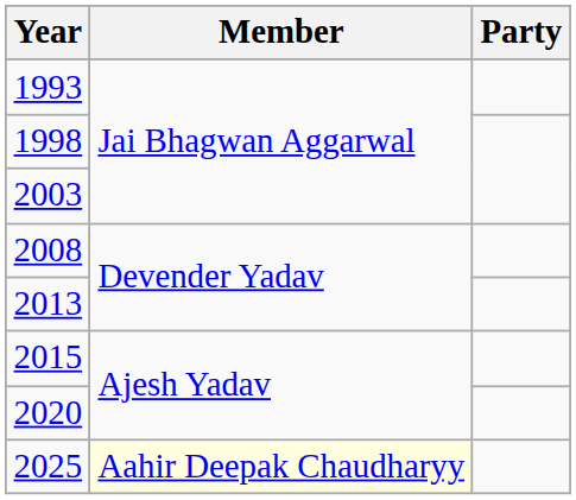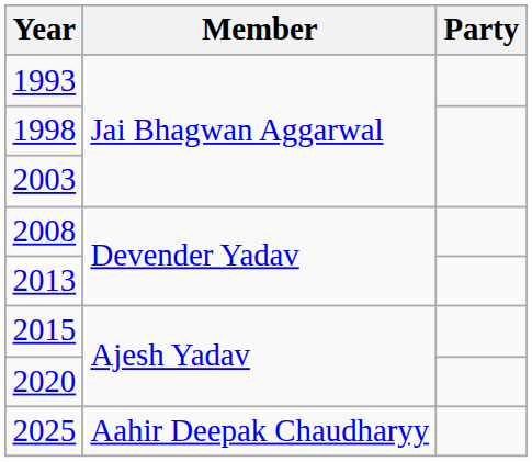 <table class="wikitable">
 <tr>
 <th>Year</th>
 <th>Member</th>
 <th colspan=2>Party</th>
 </tr>
 <tr>
 <td><a href='#'>1993</a></td>
 <td rowspan="3"><a href='#'>Jai Bhagwan Aggarwal</a></td>
 <td></td>
 </tr>
 <tr>
 <td><a href='#'>1998</a></td>
 </tr>
 <tr>
 <td><a href='#'>2003</a></td>
 </tr>
 <tr>
 <td><a href='#'>2008</a></td>
 <td rowspan="2"><a href='#'>Devender Yadav</a></td>
 <td></td>
 </tr>
 <tr>
 <td><a href='#'>2013</a></td>
 </tr>
 <tr>
 <td><a href='#'>2015</a></td>
 <td rowspan="2"><a href='#'>Ajesh Yadav</a></td>
 <td></td>
 </tr>
 <tr>
 <td><a href='#'>2020</a></td>
 </tr>
 <tr>
 <td><a href='#'>2025</a></td>
-<td style="background: lightyellow;"><a href='#'>Aahir Deepak Chaudharyy</a></td>
+<td><a href='#'>Aahir Deepak Chaudharyy</a></td>
 <td></td>
 </tr>
 </table>
